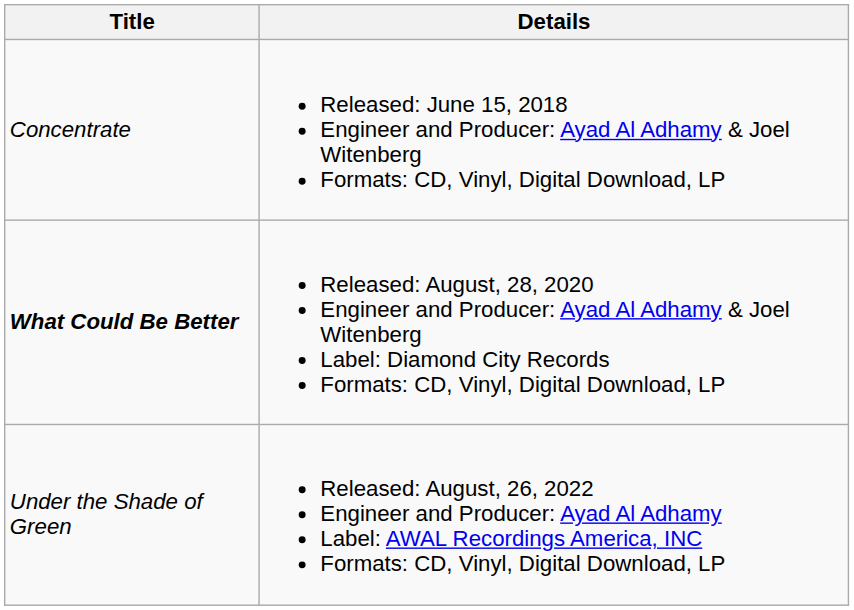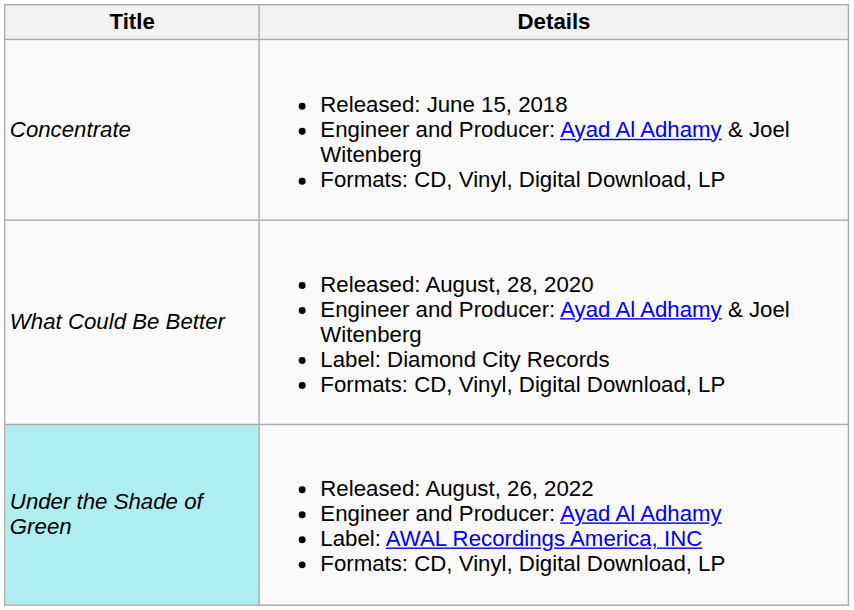 <table class="wikitable">
 <tr>
 <th>Title</th>
 <th>Details</th>
 </tr>
 <tr>
 <td><em>Concentrate</em></td>
 <td><br><ul><li>Released: June 15, 2018</li><li>Engineer and Producer: <a href='#'>Ayad Al Adhamy</a> & Joel Witenberg</li><li>Formats: CD, Vinyl, Digital Download, LP</li></ul></td>
 </tr>
 <tr>
-<td><strong><em>What Could Be Better</em></strong></td>
+<td><em>What Could Be Better</em></td>
 <td><br><ul><li>Released: August, 28, 2020</li><li>Engineer and Producer: <a href='#'>Ayad Al Adhamy</a> & Joel Witenberg</li><li>Label: Diamond City Records</li><li>Formats: CD, Vinyl, Digital Download, LP</li></ul></td>
 </tr>
 <tr>
-<td><em>Under the Shade of Green</em></td>
+<td style="background: paleturquoise;"><em>Under the Shade of Green</em></td>
 <td><br><ul><li>Released: August, 26, 2022</li><li>Engineer and Producer: <a href='#'>Ayad Al Adhamy</a></li><li>Label: <a href='#'>AWAL Recordings America, INC</a></li><li>Formats: CD, Vinyl, Digital Download, LP</li></ul></td>
 </tr>
 </table>
